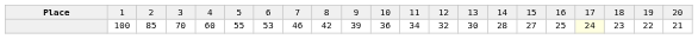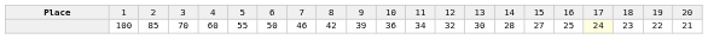 <table border="1" cellpadding="2" cellspacing="0" style="border:1px solid #C0C0C0; border-collapse:collapse; font-size:86%; margin-top:1em; text-align:center" width="875">
 <tr bgcolor="#F0F0F0">
 <td width=100><strong>Place</strong></td>
 <td width=25>1</td>
 <td width=25>2</td>
 <td width=25>3</td>
 <td width=25>4</td>
 <td width=25>5</td>
 <td width=25>6</td>
 <td width=25>7</td>
 <td width=25>8</td>
 <td width=25>9</td>
 <td width=25>10</td>
 <td width=25>11</td>
 <td width=25>12</td>
 <td width=25>13</td>
 <td width=25>14</td>
 <td width=25>15</td>
 <td width=25>16</td>
 <td width=25>17</td>
 <td width=25>18</td>
 <td width=25>19</td>
 <td width=25>20</td>
 </tr>
 <tr>
 <td style="background:#F0F0F0; text-align:left"></td>
 <td rowspan=1>100</td>
 <td rowspan=1>85</td>
 <td rowspan=1>70</td>
 <td rowspan=1>60</td>
 <td rowspan=1>55</td>
-<td rowspan=1>53</td>
+<td rowspan=1>50</td>
 <td rowspan=1>46</td>
 <td rowspan=1>42</td>
 <td rowspan=1>39</td>
 <td rowspan=1>36</td>
 <td rowspan=1>34</td>
 <td rowspan=1>32</td>
 <td rowspan=1>30</td>
 <td rowspan=1>28</td>
 <td rowspan=1>27</td>
 <td rowspan=1>25</td>
 <td rowspan=1 style="background: lightyellow;">24</td>
 <td rowspan=1>23</td>
 <td rowspan=1>22</td>
 <td rowspan=1>21</td>
 </tr>
 </table>
